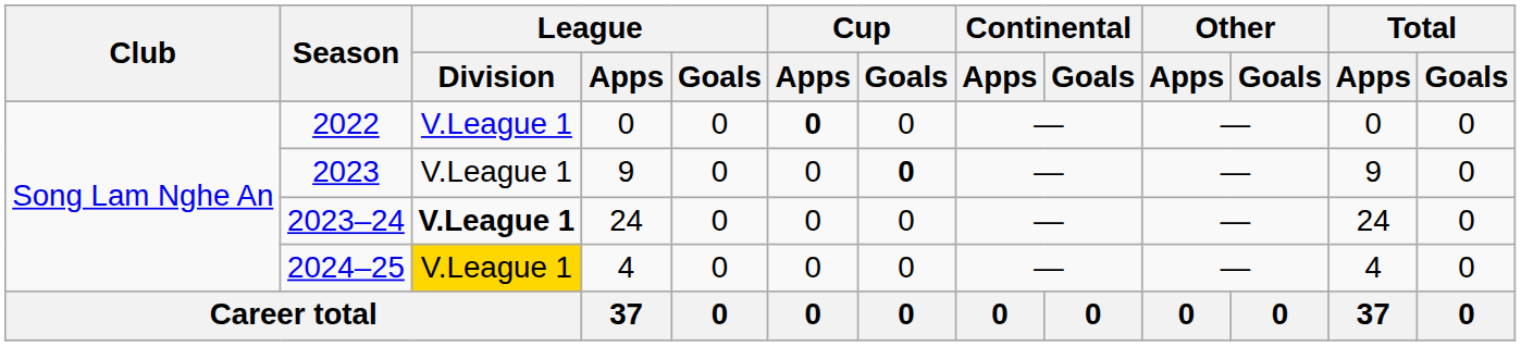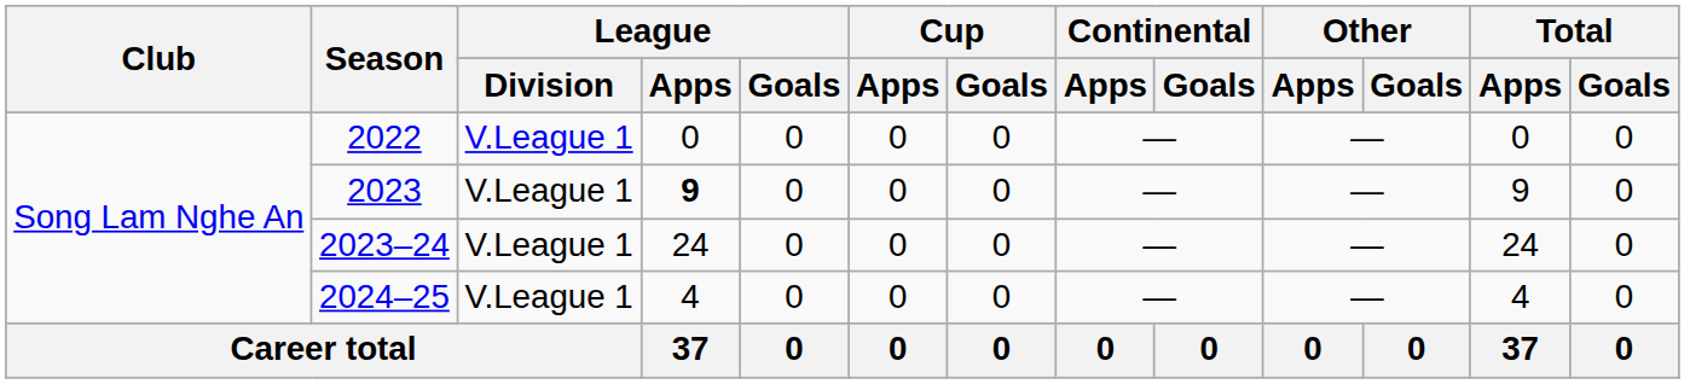 <table class="wikitable" style="text-align: center;">
 <tr>
 <th rowspan="2">Club</th>
 <th rowspan="2">Season</th>
 <th colspan="3">League</th>
 <th colspan="2">Cup</th>
 <th colspan="2">Continental</th>
 <th colspan="2">Other</th>
 <th colspan="2">Total</th>
 </tr>
 <tr>
 <th>Division</th>
 <th>Apps</th>
 <th>Goals</th>
 <th>Apps</th>
 <th>Goals</th>
 <th>Apps</th>
 <th>Goals</th>
 <th>Apps</th>
 <th>Goals</th>
 <th>Apps</th>
 <th>Goals</th>
 </tr>
 <tr>
 <td rowspan=4><a href='#'>Song Lam Nghe An</a></td>
 <td><a href='#'>2022</a></td>
 <td><a href='#'>V.League 1</a></td>
 <td>0</td>
 <td>0</td>
-<td><strong>0</strong></td>
+<td>0</td>
 <td>0</td>
 <td colspan=2>—</td>
 <td colspan=2>—</td>
 <td>0</td>
 <td>0</td>
 </tr>
 <tr>
 <td><a href='#'>2023</a></td>
 <td>V.League 1</td>
-<td>9</td>
+<td><strong>9</strong></td>
 <td>0</td>
 <td>0</td>
-<td><strong>0</strong></td>
+<td>0</td>
 <td colspan=2>—</td>
 <td colspan=2>—</td>
 <td>9</td>
 <td>0</td>
 </tr>
 <tr>
 <td><a href='#'>2023–24</a></td>
-<td><strong>V.League 1</strong></td>
+<td>V.League 1</td>
 <td>24</td>
 <td>0</td>
 <td>0</td>
 <td>0</td>
 <td colspan=2>—</td>
 <td colspan=2>—</td>
 <td>24</td>
 <td>0</td>
 </tr>
 <tr>
 <td><a href='#'>2024–25</a></td>
-<td style="background: gold;">V.League 1</td>
+<td>V.League 1</td>
 <td>4</td>
 <td>0</td>
 <td>0</td>
 <td>0</td>
 <td colspan=2>—</td>
 <td colspan=2>—</td>
 <td>4</td>
 <td>0</td>
 </tr>
 <tr>
 <th colspan=3>Career total</th>
 <th>37</th>
 <th>0</th>
 <th>0</th>
 <th>0</th>
 <th>0</th>
 <th>0</th>
 <th>0</th>
 <th>0</th>
 <th>37</th>
 <th>0</th>
 </tr>
 </table>
